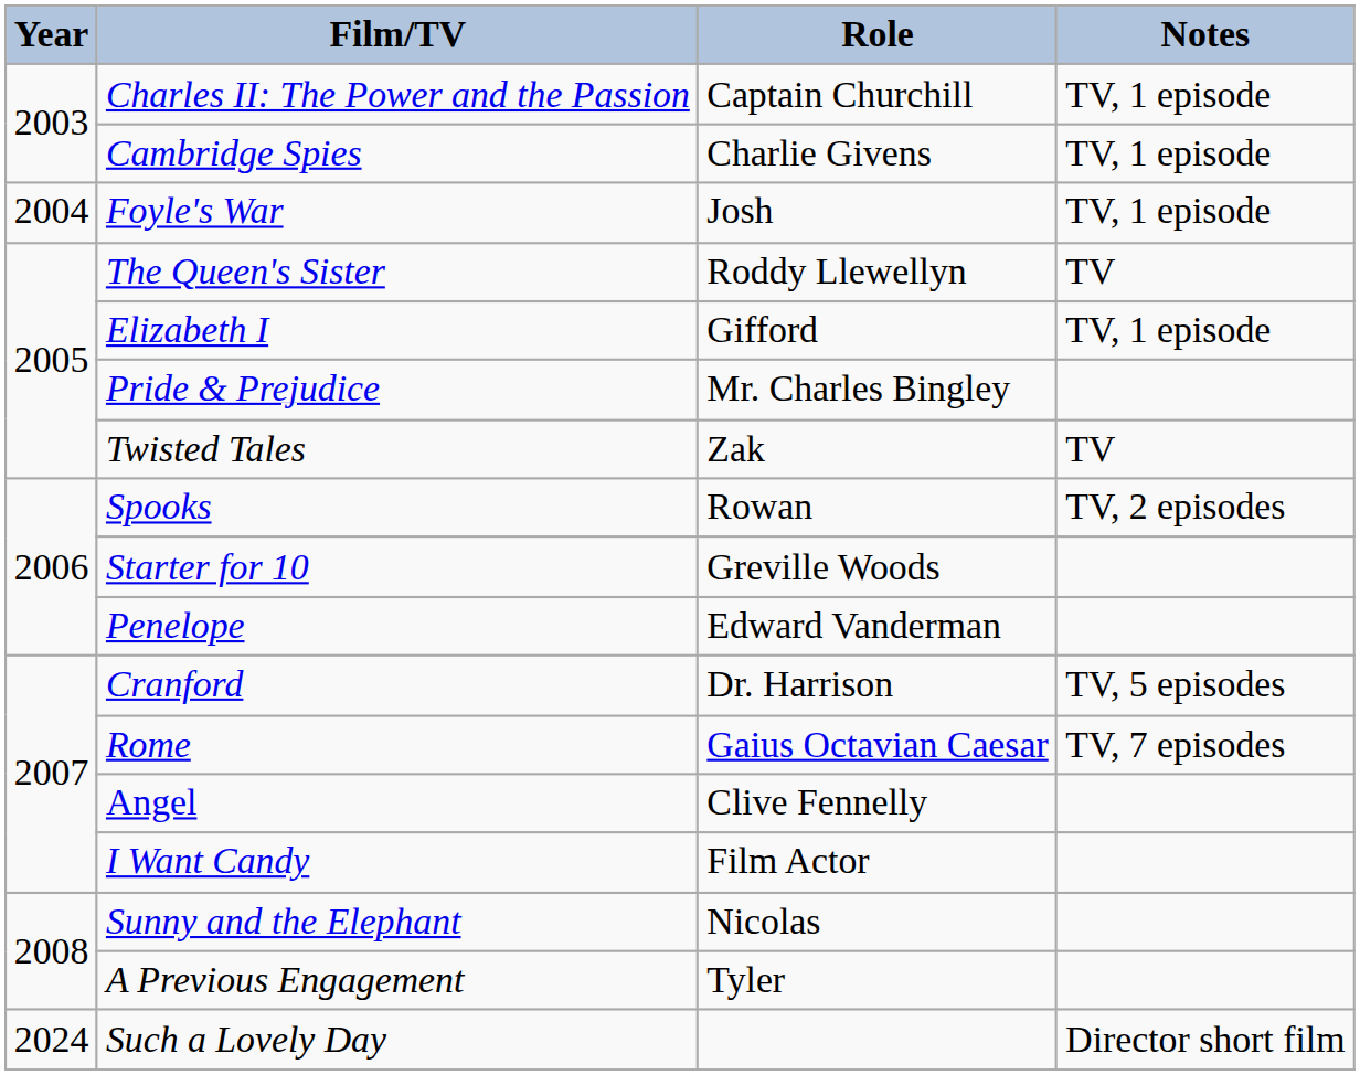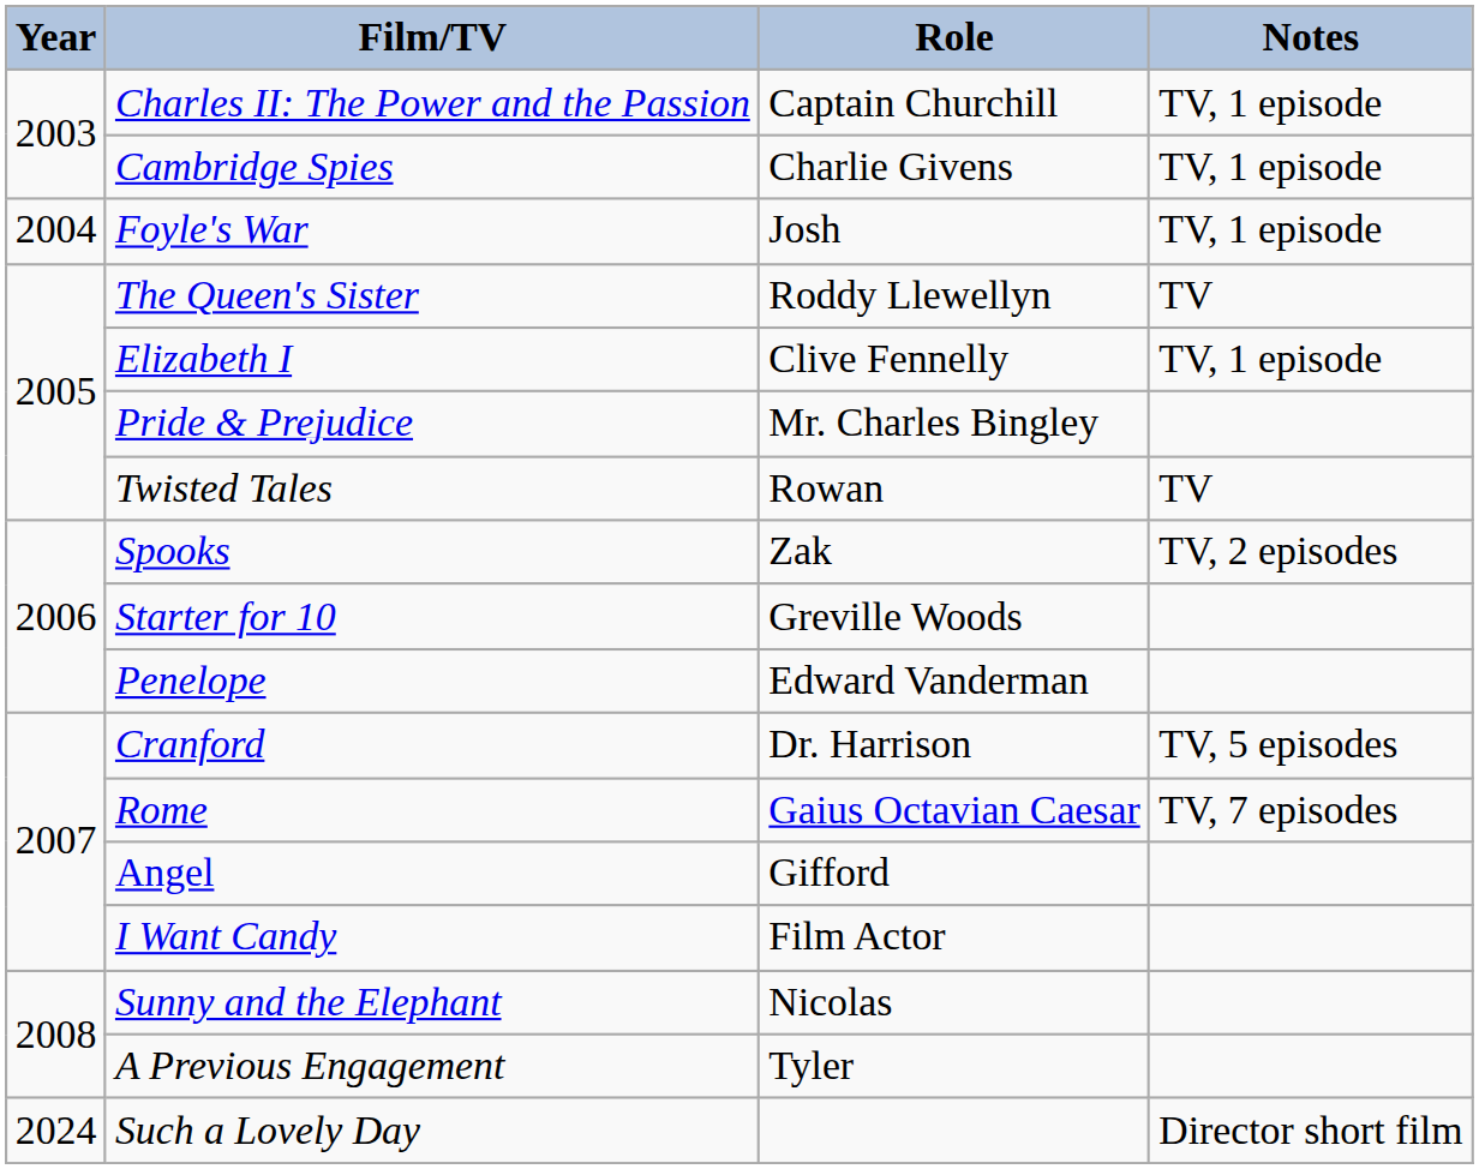 <table class="wikitable">
 <tr>
 <th style="background:#B0C4DE;">Year</th>
 <th style="background:#B0C4DE;">Film/TV</th>
 <th style="background:#B0C4DE;">Role</th>
 <th style="background:#B0C4DE;">Notes</th>
 </tr>
 <tr>
 <td rowspan=2>2003</td>
 <td><em><a href='#'>Charles II: The Power and the Passion</a></em></td>
 <td>Captain Churchill</td>
 <td>TV, 1 episode</td>
 </tr>
 <tr>
 <td><em><a href='#'>Cambridge Spies</a></em></td>
 <td>Charlie Givens</td>
 <td>TV, 1 episode</td>
 </tr>
 <tr>
 <td>2004</td>
 <td><em><a href='#'>Foyle's War</a></em></td>
 <td>Josh</td>
 <td>TV, 1 episode</td>
 </tr>
 <tr>
 <td rowspan=4>2005</td>
 <td><em><a href='#'>The Queen's Sister</a></em></td>
 <td>Roddy Llewellyn</td>
 <td>TV</td>
 </tr>
 <tr>
 <td><em><a href='#'>Elizabeth I</a></em></td>
-<td>Gifford</td>
+<td>Clive Fennelly</td>
 <td>TV, 1 episode</td>
 </tr>
 <tr>
 <td><em><a href='#'>Pride & Prejudice</a></em></td>
 <td>Mr. Charles Bingley</td>
 <td></td>
 </tr>
 <tr>
 <td><em>Twisted Tales</em></td>
-<td>Zak</td>
+<td>Rowan</td>
 <td>TV</td>
 </tr>
 <tr>
 <td rowspan=3>2006</td>
 <td><em><a href='#'>Spooks</a></em></td>
-<td>Rowan</td>
+<td>Zak</td>
 <td>TV, 2 episodes</td>
 </tr>
 <tr>
 <td><em><a href='#'>Starter for 10</a></em></td>
 <td>Greville Woods</td>
 <td></td>
 </tr>
 <tr>
 <td><em><a href='#'>Penelope</a></em></td>
 <td>Edward Vanderman</td>
 <td></td>
 </tr>
 <tr>
 <td rowspan=4>2007</td>
 <td><em><a href='#'>Cranford</a></em></td>
 <td>Dr. Harrison</td>
 <td>TV, 5 episodes</td>
 </tr>
 <tr>
 <td><em><a href='#'>Rome</a></em></td>
 <td><a href='#'>Gaius Octavian Caesar</a></td>
 <td>TV, 7 episodes</td>
 </tr>
 <tr>
 <td><em><a href='#'></em>Angel<em></a></em></td>
-<td>Clive Fennelly</td>
+<td>Gifford</td>
 <td></td>
 </tr>
 <tr>
 <td><em><a href='#'>I Want Candy</a></em></td>
 <td>Film Actor</td>
 <td></td>
 </tr>
 <tr>
 <td rowspan=2>2008</td>
 <td><em><a href='#'>Sunny and the Elephant</a></em></td>
 <td>Nicolas</td>
 <td></td>
 </tr>
 <tr>
 <td><em>A Previous Engagement</em></td>
 <td>Tyler</td>
 <td></td>
 </tr>
 <tr>
 <td>2024</td>
 <td><em>Such a Lovely Day</em></td>
 <td></td>
 <td>Director short film</td>
 </tr>
 <tr>
 </tr>
 </table>
